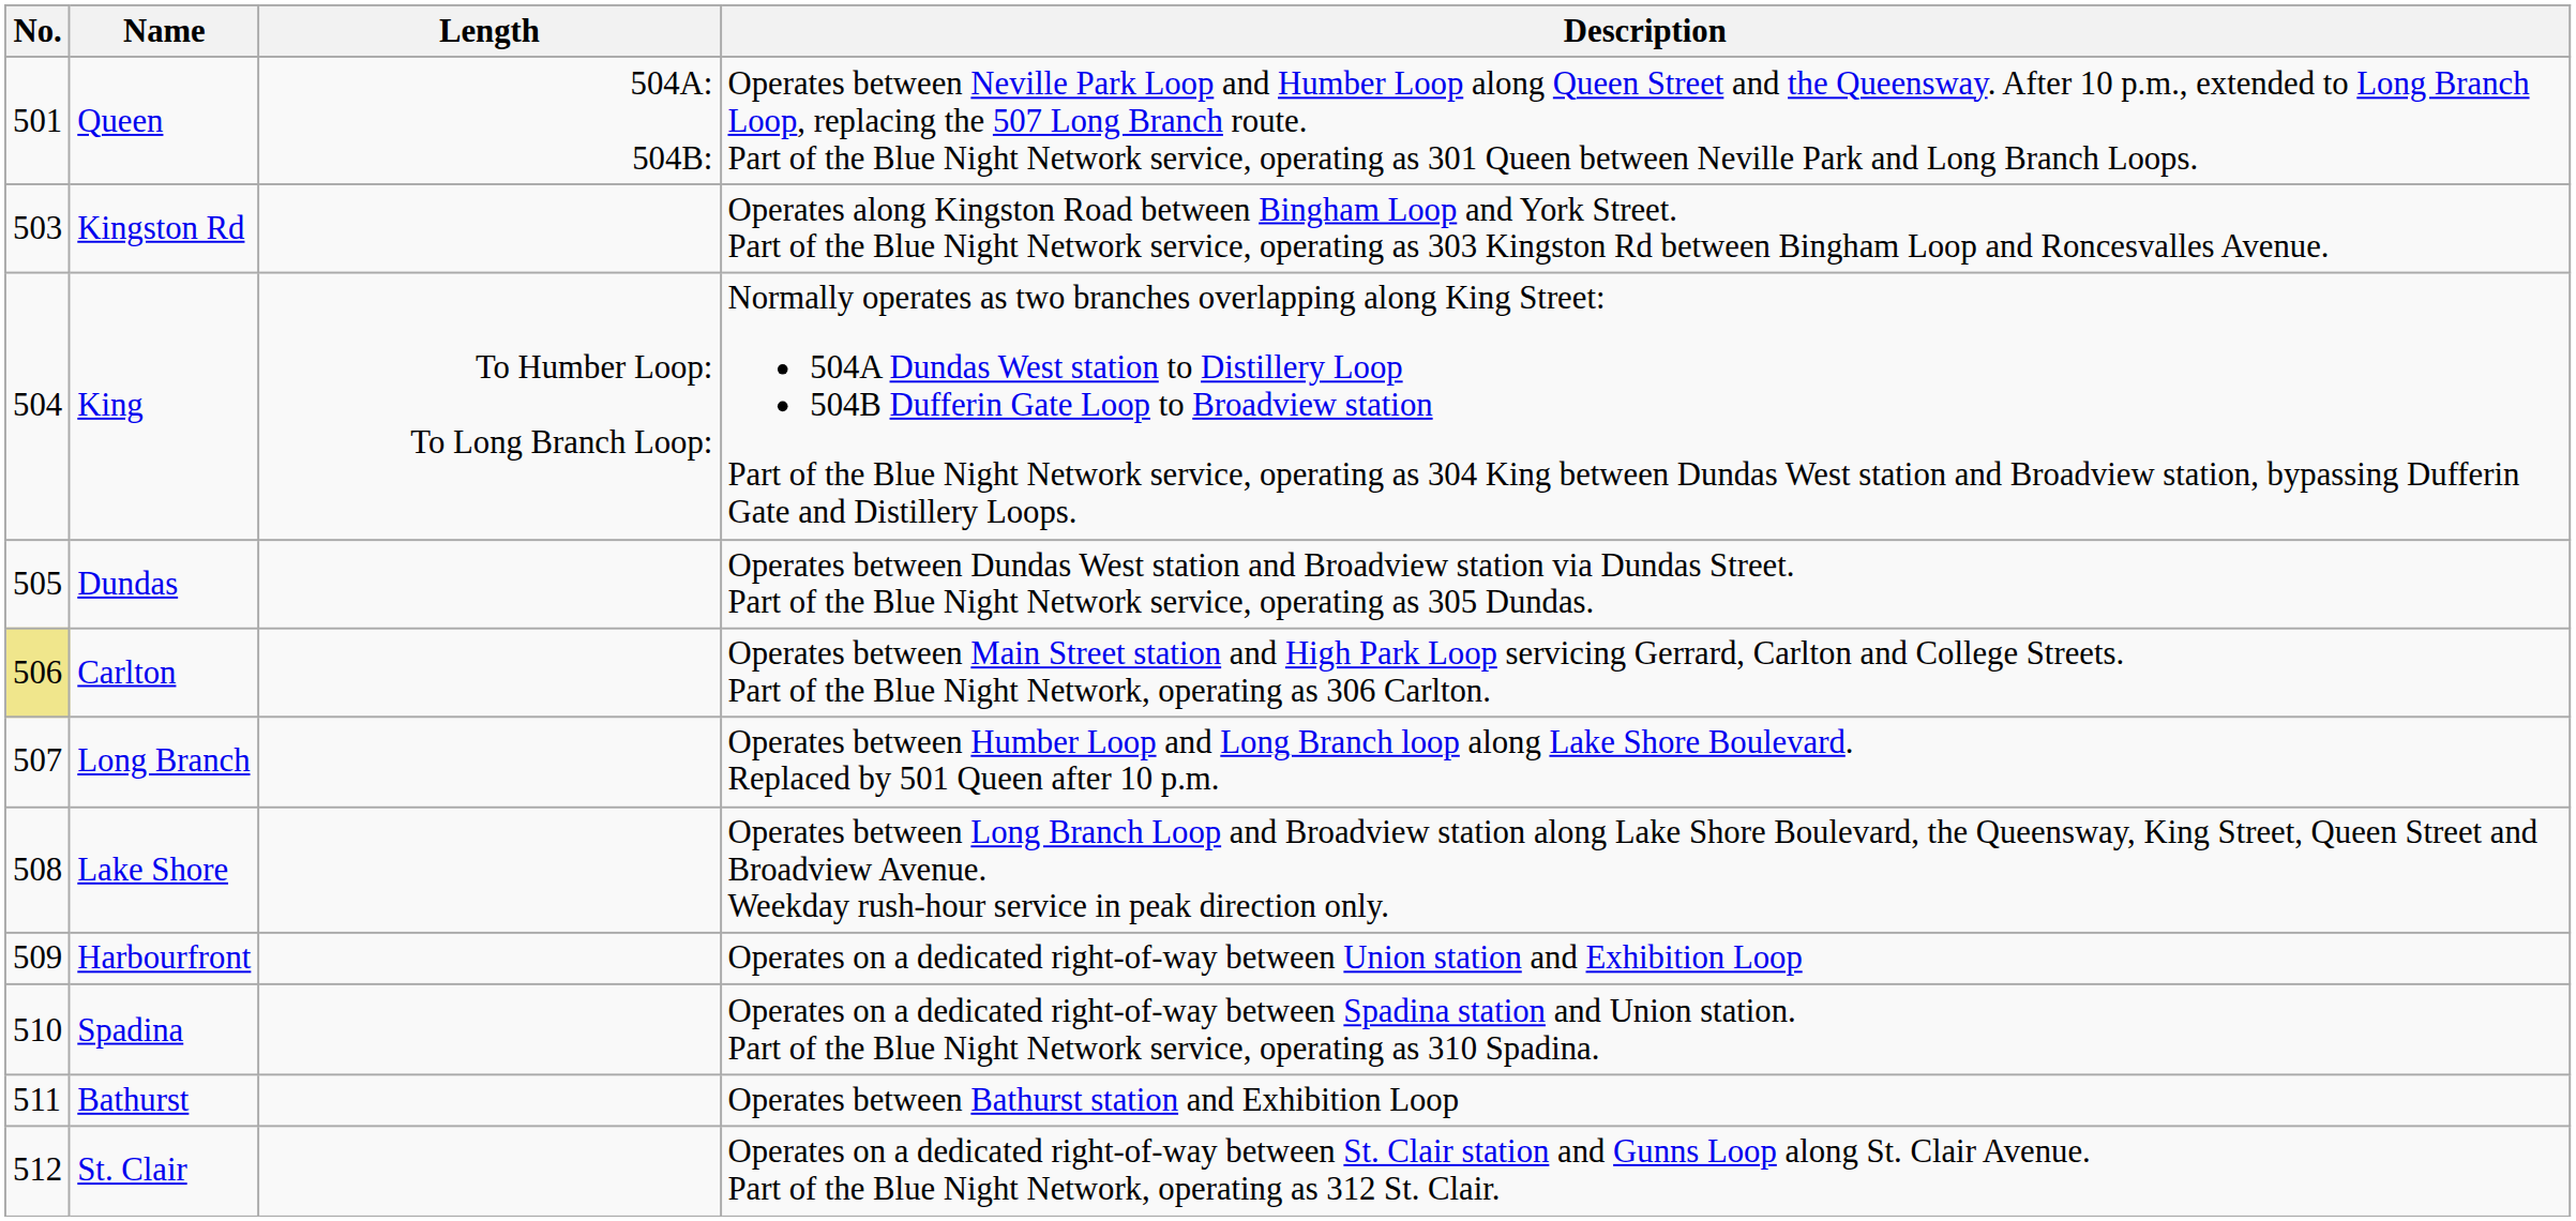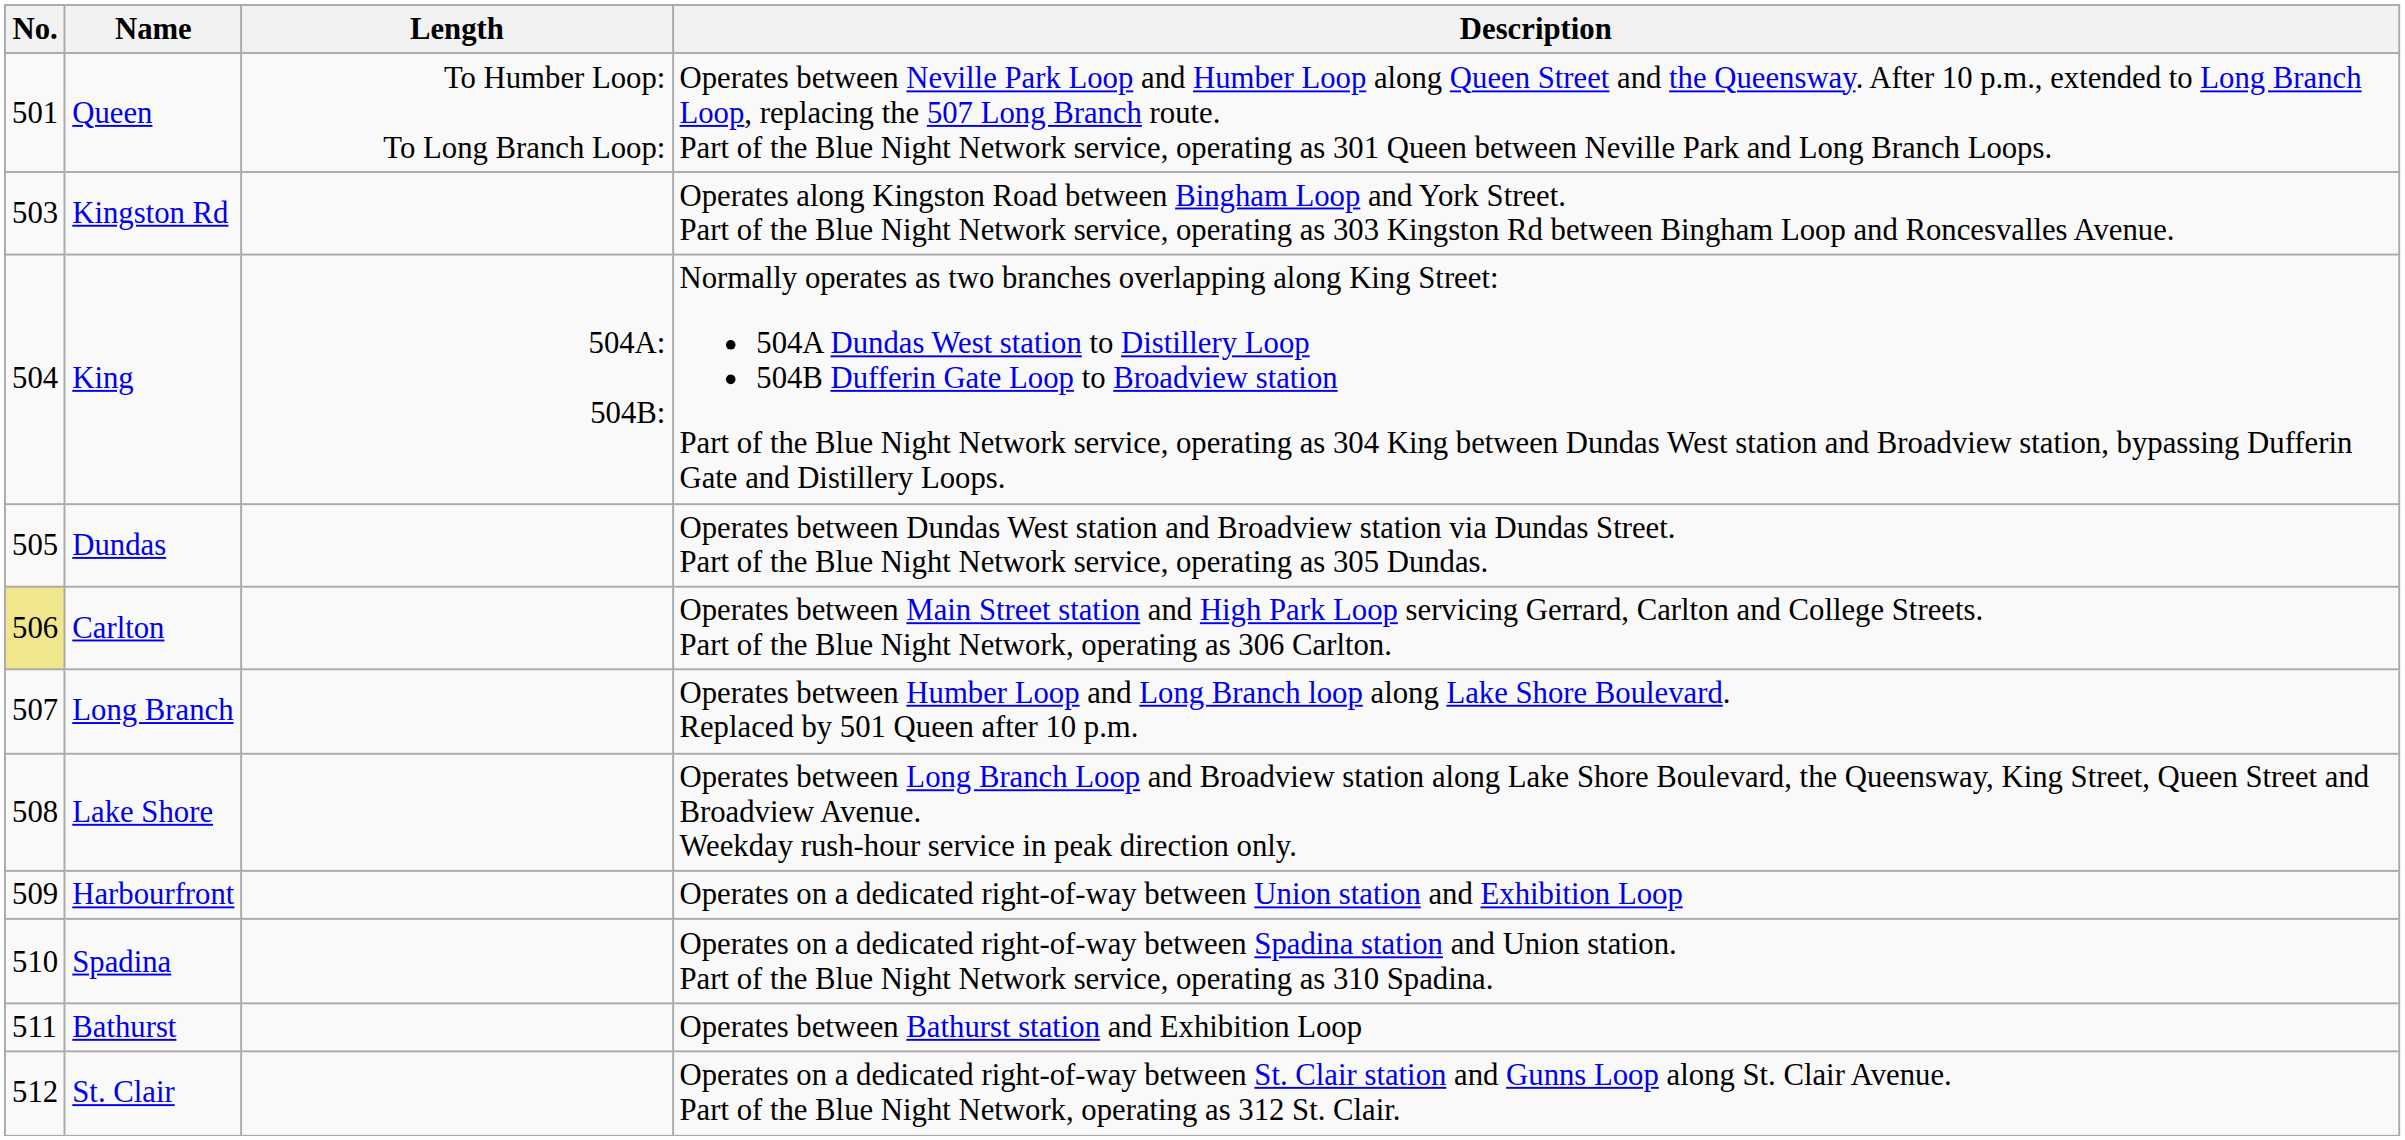 <table class="wikitable sortable">
 <tr>
 <th>No.</th>
 <th>Name</th>
 <th width=18%>Length</th>
 <th class="unsortable">Description</th>
 </tr>
 <tr>
 <td>501</td>
 <td><a href='#'>Queen</a></td>
-<td style="text-align: right;" data-sort-value="10.4">504A:<br><br>504B:<br></td>
+<td style="text-align: right;" data-sort-value="16.9">To Humber Loop:<br><br>To Long Branch Loop:<br></td>
 <td>Operates between <a href='#'>Neville Park Loop</a> and <a href='#'>Humber Loop</a> along <a href='#'>Queen Street</a> and <a href='#'>the Queensway</a>. After 10 p.m., extended to <a href='#'>Long Branch Loop</a>, replacing the <a href='#'>507 Long Branch</a> route.<br>Part of the Blue Night Network service, operating as 301 Queen between Neville Park and Long Branch Loops. </td>
 </tr>
 <tr>
 <td>503</td>
 <td><a href='#'>Kingston Rd</a></td>
 <td style="text-align: right;" data-sort-value="9.8"></td>
 <td>Operates along Kingston Road between <a href='#'>Bingham Loop</a> and York Street.<br>Part of the Blue Night Network service, operating as 303 Kingston Rd between Bingham Loop and Roncesvalles Avenue.</td>
 </tr>
 <tr>
 <td>504</td>
 <td><a href='#'>King</a></td>
-<td style="text-align: right;" data-sort-value="16.9">To Humber Loop:<br><br>To Long Branch Loop:<br></td>
+<td style="text-align: right;" data-sort-value="10.4">504A:<br><br>504B:<br></td>
 <td>Normally operates as two branches overlapping along King Street:<br><ul><li>504A <a href='#'>Dundas West station</a> to <a href='#'>Distillery Loop</a></li><li>504B <a href='#'>Dufferin Gate Loop</a> to <a href='#'>Broadview station</a></li></ul>Part of the Blue Night Network service, operating as 304 King between Dundas West station and Broadview station, bypassing Dufferin Gate and Distillery Loops.</td>
 </tr>
 <tr>
 <td>505</td>
 <td><a href='#'>Dundas</a></td>
 <td style="text-align: right;" data-sort-value="10.9"></td>
 <td>Operates between Dundas West station and Broadview station via Dundas Street.<br>Part of the Blue Night Network service, operating as 305 Dundas.</td>
 </tr>
 <tr>
 <td style="background: khaki;">506</td>
 <td><a href='#'>Carlton</a></td>
 <td style="text-align: right;" data-sort-value="15.1"></td>
 <td>Operates between <a href='#'>Main Street station</a> and <a href='#'>High Park Loop</a> servicing Gerrard, Carlton and College Streets.<br>Part of the Blue Night Network, operating as 306 Carlton.</td>
 </tr>
 <tr>
 <td>507</td>
 <td><a href='#'>Long Branch</a></td>
 <td style="text-align: right;" data-sort-value="7.9"></td>
 <td>Operates between <a href='#'>Humber Loop</a> and <a href='#'>Long Branch loop</a> along <a href='#'>Lake Shore Boulevard</a>.<br>Replaced by 501 Queen after 10 p.m.</td>
 </tr>
 <tr>
 <td>508</td>
 <td><a href='#'>Lake Shore</a></td>
 <td style="text-align: right;" data-sort-value="21.7"></td>
 <td>Operates between <a href='#'>Long Branch Loop</a> and Broadview station along Lake Shore Boulevard, the Queensway, King Street, Queen Street and Broadview Avenue.<br>Weekday rush-hour service in peak direction only.</td>
 </tr>
 <tr>
 <td>509</td>
 <td><a href='#'>Harbourfront</a></td>
 <td style="text-align: right;" data-sort-value="4.4"></td>
 <td>Operates on a dedicated right-of-way between <a href='#'>Union station</a> and <a href='#'>Exhibition Loop</a></td>
 </tr>
 <tr>
 <td>510</td>
 <td><a href='#'>Spadina</a></td>
 <td style="text-align: right;" data-sort-value="5.4"></td>
 <td>Operates on a dedicated right-of-way between <a href='#'>Spadina station</a> and Union station.<br>Part of the Blue Night Network service, operating as 310 Spadina.</td>
 </tr>
 <tr>
 <td>511</td>
 <td><a href='#'>Bathurst</a></td>
 <td style="text-align: right;" data-sort-value="5.3"></td>
 <td>Operates between <a href='#'>Bathurst station</a> and Exhibition Loop</td>
 </tr>
 <tr>
 <td>512</td>
 <td><a href='#'>St. Clair</a></td>
 <td style="text-align: right;" data-sort-value="7.1"></td>
 <td>Operates on a dedicated right-of-way between <a href='#'>St. Clair station</a> and <a href='#'>Gunns Loop</a> along St. Clair Avenue.<br>Part of the Blue Night Network, operating as 312 St. Clair.</td>
 </tr>
 </table>
